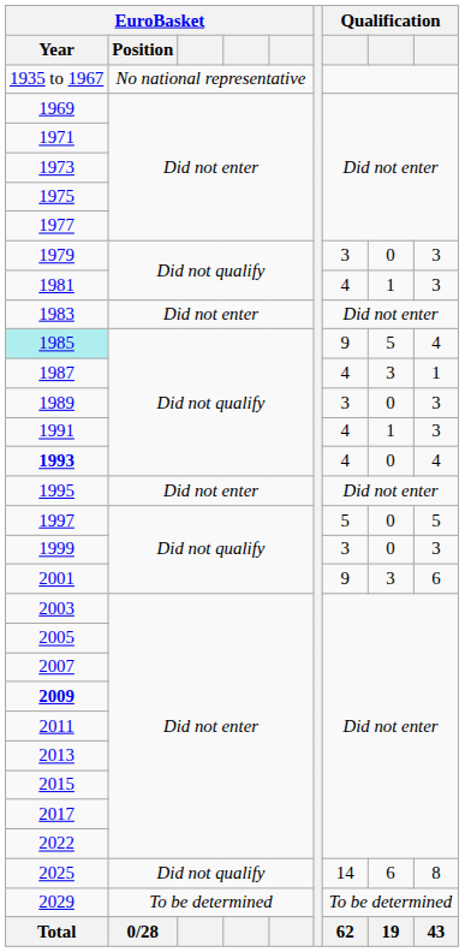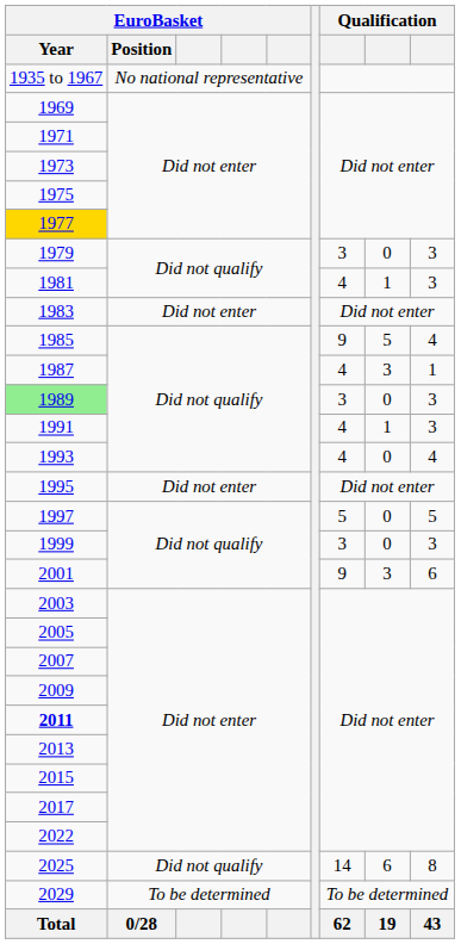 <table class="wikitable" style="text-align: center;font-size:90%;">
 <tr>
 <th colspan=5><a href='#'>EuroBasket</a></th>
 <th rowspan=32></th>
 <th colspan=3>Qualification</th>
 </tr>
 <tr>
 <th>Year</th>
 <th>Position</th>
 <th width=30></th>
 <th width=30></th>
 <th width=30></th>
 <th width=30></th>
 <th width=30></th>
 <th width=30></th>
 </tr>
 <tr>
 <td><a href='#'>1935</a> to <a href='#'>1967</a></td>
 <td colspan=4><em>No national representative</em></td>
 </tr>
 <tr>
 <td> <a href='#'>1969</a></td>
 <td colspan=4 rowspan=5><em>Did not enter</em></td>
 <td colspan=3 rowspan=5><em>Did not enter</em></td>
 </tr>
 <tr>
 <td> <a href='#'>1971</a></td>
 </tr>
 <tr>
 <td> <a href='#'>1973</a></td>
 </tr>
 <tr>
 <td> <a href='#'>1975</a></td>
 </tr>
 <tr>
-<td> <a href='#'>1977</a></td>
+<td style="background: gold;"> <a href='#'>1977</a></td>
 </tr>
 <tr>
 <td> <a href='#'>1979</a></td>
 <td colspan=4 rowspan=2><em>Did not qualify</em></td>
 <td>3</td>
 <td>0</td>
 <td>3</td>
 </tr>
 <tr>
 <td> <a href='#'>1981</a></td>
 <td>4</td>
 <td>1</td>
 <td>3</td>
 </tr>
 <tr>
 <td> <a href='#'>1983</a></td>
 <td colspan=4><em>Did not enter</em></td>
 <td colspan=3><em>Did not enter</em></td>
 </tr>
 <tr>
-<td style="background: paleturquoise;"> <a href='#'>1985</a></td>
+<td> <a href='#'>1985</a></td>
 <td colspan=4 rowspan=5><em>Did not qualify</em></td>
 <td>9</td>
 <td>5</td>
 <td>4</td>
 </tr>
 <tr>
 <td> <a href='#'>1987</a></td>
 <td>4</td>
 <td>3</td>
 <td>1</td>
 </tr>
 <tr>
-<td> <a href='#'>1989</a></td>
+<td style="background: lightgreen;"> <a href='#'>1989</a></td>
 <td>3</td>
 <td>0</td>
 <td>3</td>
 </tr>
 <tr>
 <td> <a href='#'>1991</a></td>
 <td>4</td>
 <td>1</td>
 <td>3</td>
 </tr>
 <tr>
-<td><strong> <a href='#'>1993</a></strong></td>
+<td> <a href='#'>1993</a></td>
 <td>4</td>
 <td>0</td>
 <td>4</td>
 </tr>
 <tr>
 <td> <a href='#'>1995</a></td>
 <td colspan=4><em>Did not enter</em></td>
 <td colspan=3><em>Did not enter</em></td>
 </tr>
 <tr>
 <td> <a href='#'>1997</a></td>
 <td colspan=4 rowspan=3><em>Did not qualify</em></td>
 <td>5</td>
 <td>0</td>
 <td>5</td>
 </tr>
 <tr>
 <td> <a href='#'>1999</a></td>
 <td>3</td>
 <td>0</td>
 <td>3</td>
 </tr>
 <tr>
 <td> <a href='#'>2001</a></td>
 <td>9</td>
 <td>3</td>
 <td>6</td>
 </tr>
 <tr>
 <td> <a href='#'>2003</a></td>
 <td colspan=4 rowspan=9><em>Did not enter</em></td>
 <td colspan=3 rowspan=9><em>Did not enter</em></td>
 </tr>
 <tr>
 <td> <a href='#'>2005</a></td>
 </tr>
 <tr>
 <td> <a href='#'>2007</a></td>
 </tr>
 <tr>
-<td><strong> <a href='#'>2009</a></strong></td>
+<td> <a href='#'>2009</a></td>
 </tr>
 <tr>
-<td> <a href='#'>2011</a></td>
+<td><strong> <a href='#'>2011</a></strong></td>
 </tr>
 <tr>
 <td> <a href='#'>2013</a></td>
 </tr>
 <tr>
 <td> <a href='#'>2015</a></td>
 </tr>
 <tr>
 <td> <a href='#'>2017</a></td>
 </tr>
 <tr>
 <td> <a href='#'>2022</a></td>
 </tr>
 <tr>
 <td> <a href='#'>2025</a></td>
 <td colspan=4><em>Did not qualify</em></td>
 <td>14</td>
 <td>6</td>
 <td>8</td>
 </tr>
 <tr>
 <td> <a href='#'>2029</a></td>
 <td colspan=4><em>To be determined</em></td>
 <td colspan=3><em>To be determined</em></td>
 </tr>
 <tr>
 <th>Total</th>
 <th>0/28</th>
 <th></th>
 <th></th>
 <th></th>
 <th>62</th>
 <th>19</th>
 <th>43</th>
 </tr>
 </table>
